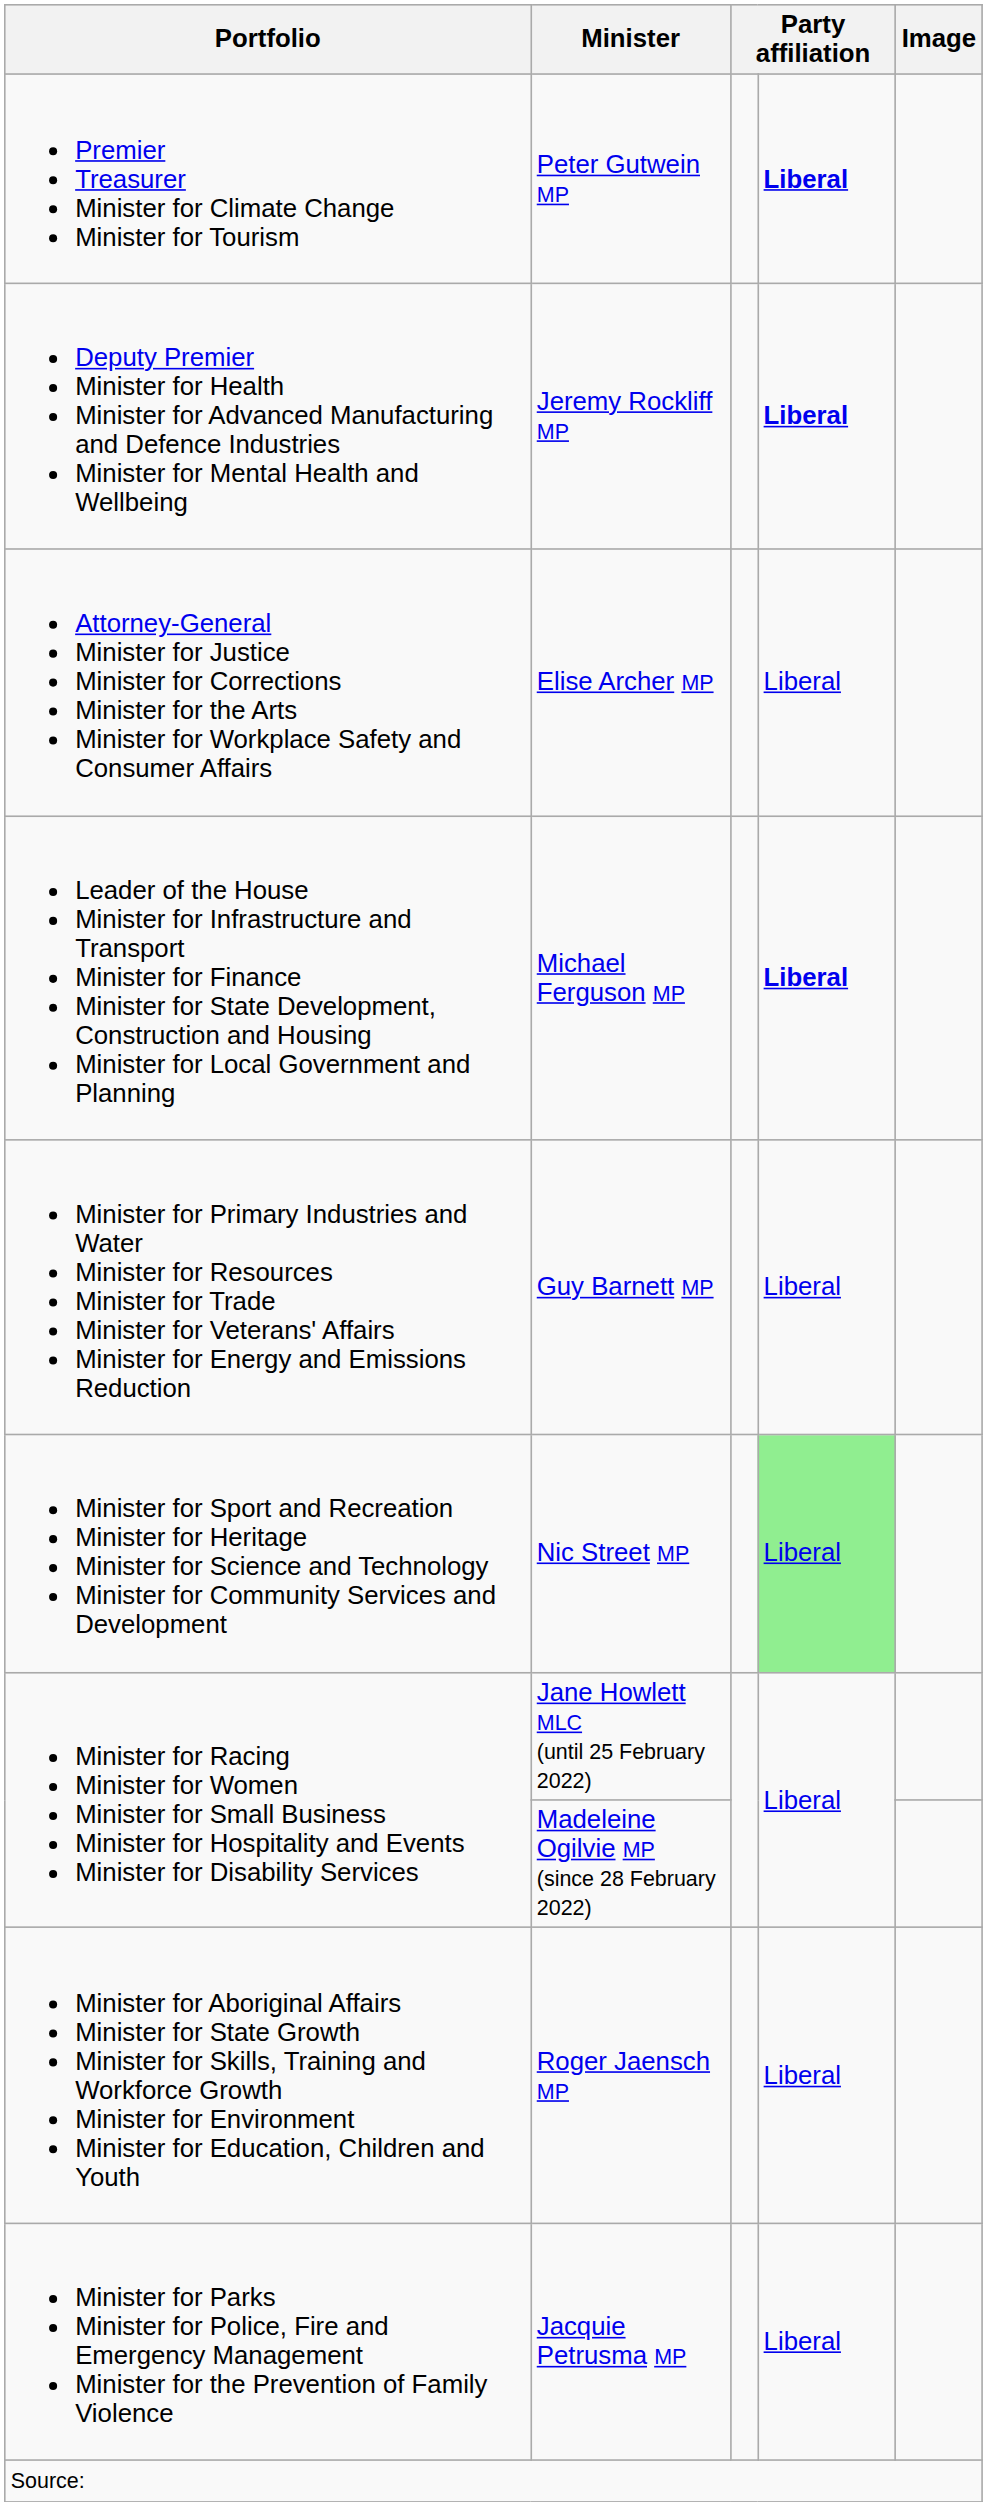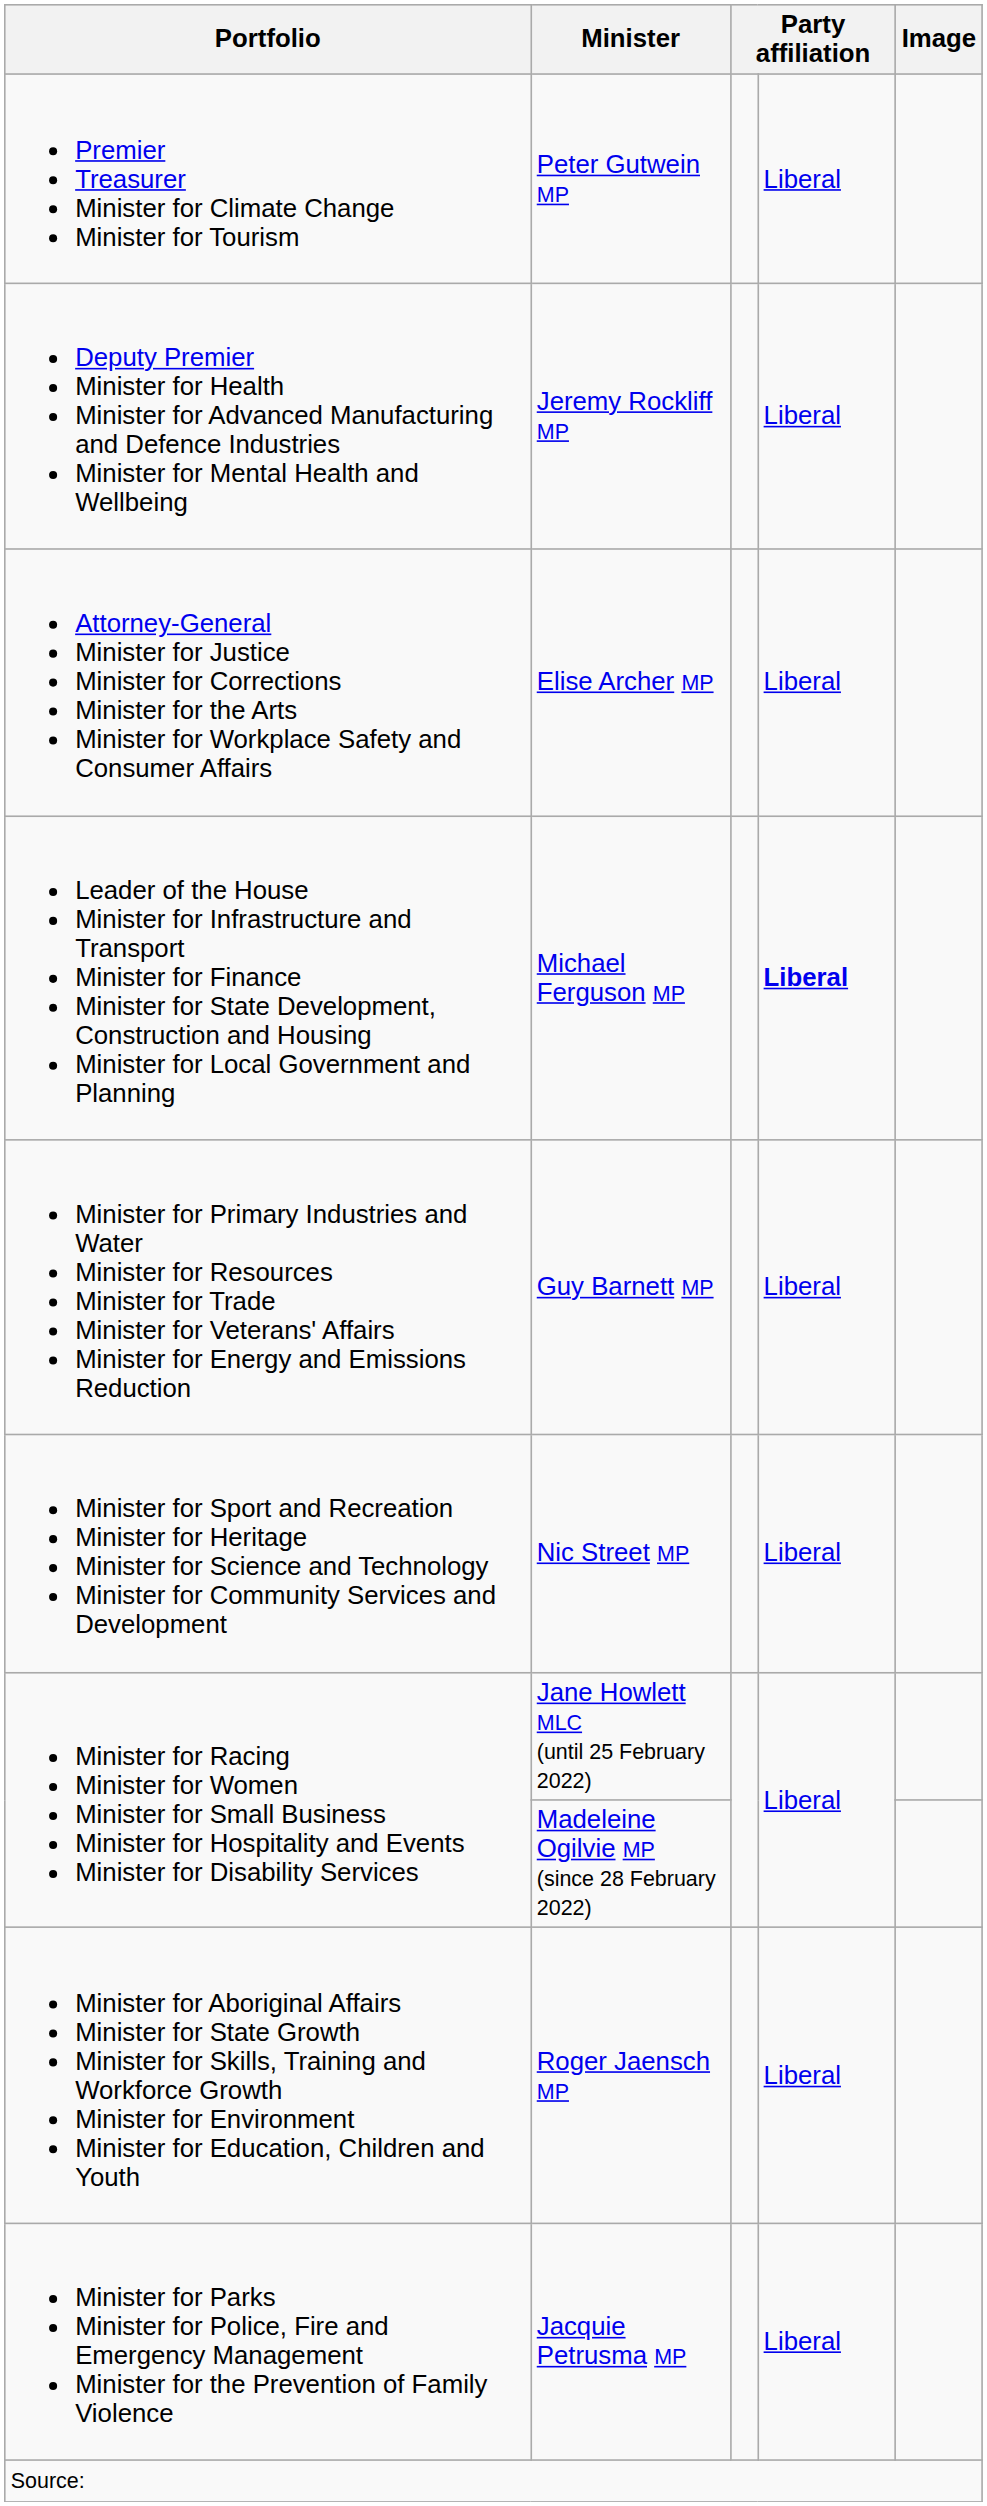 <table class="wikitable">
 <tr>
 <th>Portfolio</th>
 <th>Minister</th>
 <th colspan=2>Party affiliation</th>
 <th>Image</th>
 </tr>
 <tr>
 <td><br><ul><li><a href='#'>Premier</a></li><li><a href='#'>Treasurer</a></li><li>Minister for Climate Change</li><li>Minister for Tourism</li></ul></td>
 <td><a href='#'>Peter Gutwein</a> <small><a href='#'>MP</a></small></td>
 <td> </td>
-<td><strong><a href='#'>Liberal</a></strong></td>
+<td><a href='#'>Liberal</a></td>
 <td></td>
 </tr>
 <tr>
 <td><br><ul><li><a href='#'>Deputy Premier</a></li><li>Minister for Health</li><li>Minister for Advanced Manufacturing and Defence Industries</li><li>Minister for Mental Health and Wellbeing</li></ul></td>
 <td><a href='#'>Jeremy Rockliff</a> <small><a href='#'>MP</a></small></td>
 <td> </td>
-<td><strong><a href='#'>Liberal</a></strong></td>
+<td><a href='#'>Liberal</a></td>
 <td></td>
 </tr>
 <tr>
 <td><br><ul><li><a href='#'>Attorney-General</a></li><li>Minister for Justice</li><li>Minister for Corrections</li><li>Minister for the Arts</li><li>Minister for Workplace Safety and Consumer Affairs</li></ul></td>
 <td><a href='#'>Elise Archer</a> <small><a href='#'>MP</a></small></td>
 <td> </td>
 <td><a href='#'>Liberal</a></td>
 <td></td>
 </tr>
 <tr>
 <td><br><ul><li>Leader of the House</li><li>Minister for Infrastructure and Transport</li><li>Minister for Finance</li><li>Minister for State Development, Construction and Housing</li><li>Minister for Local Government and Planning</li></ul></td>
 <td><a href='#'>Michael Ferguson</a> <small><a href='#'>MP</a></small></td>
 <td> </td>
 <td><strong><a href='#'>Liberal</a></strong></td>
 <td></td>
 </tr>
 <tr>
 <td><br><ul><li>Minister for Primary Industries and Water</li><li>Minister for Resources</li><li>Minister for Trade</li><li>Minister for Veterans' Affairs</li><li>Minister for Energy and Emissions Reduction</li></ul></td>
 <td><a href='#'>Guy Barnett</a> <small><a href='#'>MP</a></small></td>
 <td> </td>
 <td><a href='#'>Liberal</a></td>
 <td></td>
 </tr>
 <tr>
 <td><br><ul><li>Minister for Sport and Recreation</li><li>Minister for Heritage</li><li>Minister for Science and Technology</li><li>Minister for Community Services and Development</li></ul></td>
 <td><a href='#'>Nic Street</a> <small><a href='#'>MP</a></small></td>
 <td> </td>
-<td style="background: lightgreen;"><a href='#'>Liberal</a></td>
+<td><a href='#'>Liberal</a></td>
 <td></td>
 </tr>
 <tr>
 <td rowspan=2><br><ul><li>Minister for Racing</li><li>Minister for Women</li><li>Minister for Small Business</li><li>Minister for Hospitality and Events</li><li>Minister for Disability Services</li></ul></td>
 <td><a href='#'>Jane Howlett</a> <small><a href='#'>MLC</a></small><br><small>(until 25 February 2022)</small></td>
 <td rowspan=2 > </td>
 <td rowspan=2><a href='#'>Liberal</a></td>
 <td></td>
 </tr>
 <tr>
 <td><a href='#'>Madeleine Ogilvie</a> <small><a href='#'>MP</a></small><br><small>(since 28 February 2022)</small></td>
 <td></td>
 </tr>
 <tr>
 <td><br><ul><li>Minister for Aboriginal Affairs</li><li>Minister for State Growth</li><li>Minister for Skills, Training and Workforce Growth</li><li>Minister for Environment</li><li>Minister for Education, Children and Youth</li></ul></td>
 <td><a href='#'>Roger Jaensch</a> <small><a href='#'>MP</a></small></td>
 <td> </td>
 <td><a href='#'>Liberal</a></td>
 <td></td>
 </tr>
 <tr>
 <td><br><ul><li>Minister for Parks</li><li>Minister for Police, Fire and Emergency Management</li><li>Minister for the Prevention of Family Violence</li></ul></td>
 <td><a href='#'>Jacquie Petrusma</a> <small><a href='#'>MP</a></small></td>
 <td> </td>
 <td><a href='#'>Liberal</a></td>
 <td></td>
 </tr>
 <tr>
 <td colspan="7" align="left"><small>Source: </small></td>
 </tr>
 </table>
